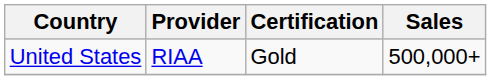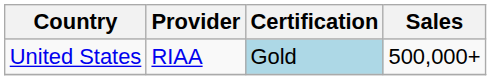 <table class="wikitable sortable">
 <tr>
 <th>Country</th>
 <th>Provider</th>
 <th>Certification</th>
 <th>Sales</th>
 </tr>
 <tr>
 <td><a href='#'>United States</a></td>
 <td><a href='#'>RIAA</a></td>
-<td>Gold </td>
+<td style="background: lightblue;">Gold </td>
 <td>500,000+</td>
 </tr>
 <tr>
 </tr>
 </table>
